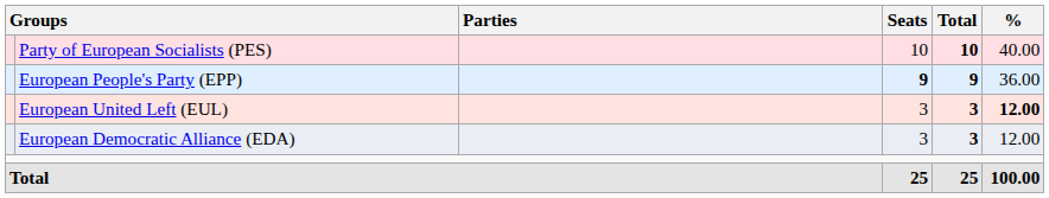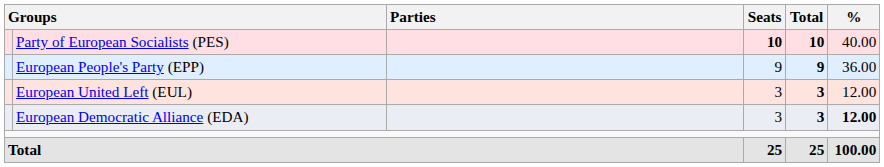 <table class="wikitable" style="text-align:right; font-size:95%; margin-bottom:0">
 <tr>
 <th style="text-align:left;" colspan="2" width="375">Groups</th>
 <th style="text-align:left;" width="350">Parties</th>
 <th width="35">Seats</th>
 <th width="35">Total</th>
 <th width="45">%</th>
 </tr>
 <tr style="background:#FFDFE3;">
 <td style="color:inherit;background:"></td>
 <td align="left"><a href='#'>Party of European Socialists</a> (PES)</td>
 <td align="left"></td>
-<td>10</td>
+<td><strong>10</strong></td>
 <td><strong>10</strong></td>
 <td>40.00</td>
 </tr>
 <tr style="background:#DFEFFF;">
 <td width="1" style="color:inherit;background:"></td>
 <td align="left"><a href='#'>European People's Party</a> (EPP)</td>
 <td align="left"></td>
-<td><strong>9</strong></td>
+<td>9</td>
 <td><strong>9</strong></td>
 <td>36.00</td>
 </tr>
 <tr style="background:#FFE3DF;">
 <td style="color:inherit;background:"></td>
 <td align="left"><a href='#'>European United Left</a> (EUL)</td>
 <td align="left"></td>
 <td>3</td>
 <td><strong>3</strong></td>
-<td><strong>12.00</strong></td>
+<td>12.00</td>
 </tr>
 <tr style="background:#EAEDF4;">
 <td style="color:inherit;background:"></td>
 <td align="left"><a href='#'>European Democratic Alliance</a> (EDA)</td>
 <td align="left"></td>
 <td>3</td>
 <td><strong>3</strong></td>
-<td>12.00</td>
+<td><strong>12.00</strong></td>
 </tr>
 <tr>
 <td colspan="6"></td>
 </tr>
 <tr style="background:#E4E4E4; font-weight:bold;">
 <td align="left" colspan="3">Total</td>
 <td>25</td>
 <td>25</td>
 <td>100.00</td>
 </tr>
 </table>
